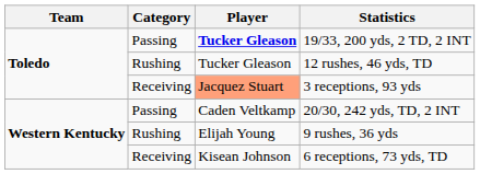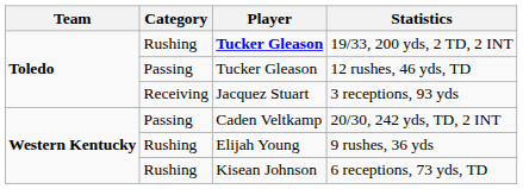 <table class="wikitable" style="float: right;">
 <tr>
 <th>Team</th>
 <th>Category</th>
 <th>Player</th>
 <th>Statistics</th>
 </tr>
 <tr>
 <td rowspan=3><strong>Toledo</strong></td>
-<td>Passing</td>
+<td>Rushing</td>
 <td><strong><a href='#'>Tucker Gleason</a></strong></td>
 <td>19/33, 200 yds, 2 TD, 2 INT</td>
 </tr>
 <tr>
-<td>Rushing</td>
+<td>Passing</td>
 <td>Tucker Gleason</td>
 <td>12 rushes, 46 yds, TD</td>
 </tr>
 <tr>
 <td>Receiving</td>
-<td style="background: lightsalmon;">Jacquez Stuart</td>
+<td>Jacquez Stuart</td>
 <td>3 receptions, 93 yds</td>
 </tr>
 <tr>
 <td rowspan=3><strong>Western Kentucky</strong></td>
 <td>Passing</td>
 <td>Caden Veltkamp</td>
 <td>20/30, 242 yds, TD, 2 INT</td>
 </tr>
 <tr>
 <td>Rushing</td>
 <td>Elijah Young</td>
 <td>9 rushes, 36 yds</td>
 </tr>
 <tr>
-<td>Receiving</td>
+<td>Rushing</td>
 <td>Kisean Johnson</td>
 <td>6 receptions, 73 yds, TD</td>
 </tr>
 </table>
